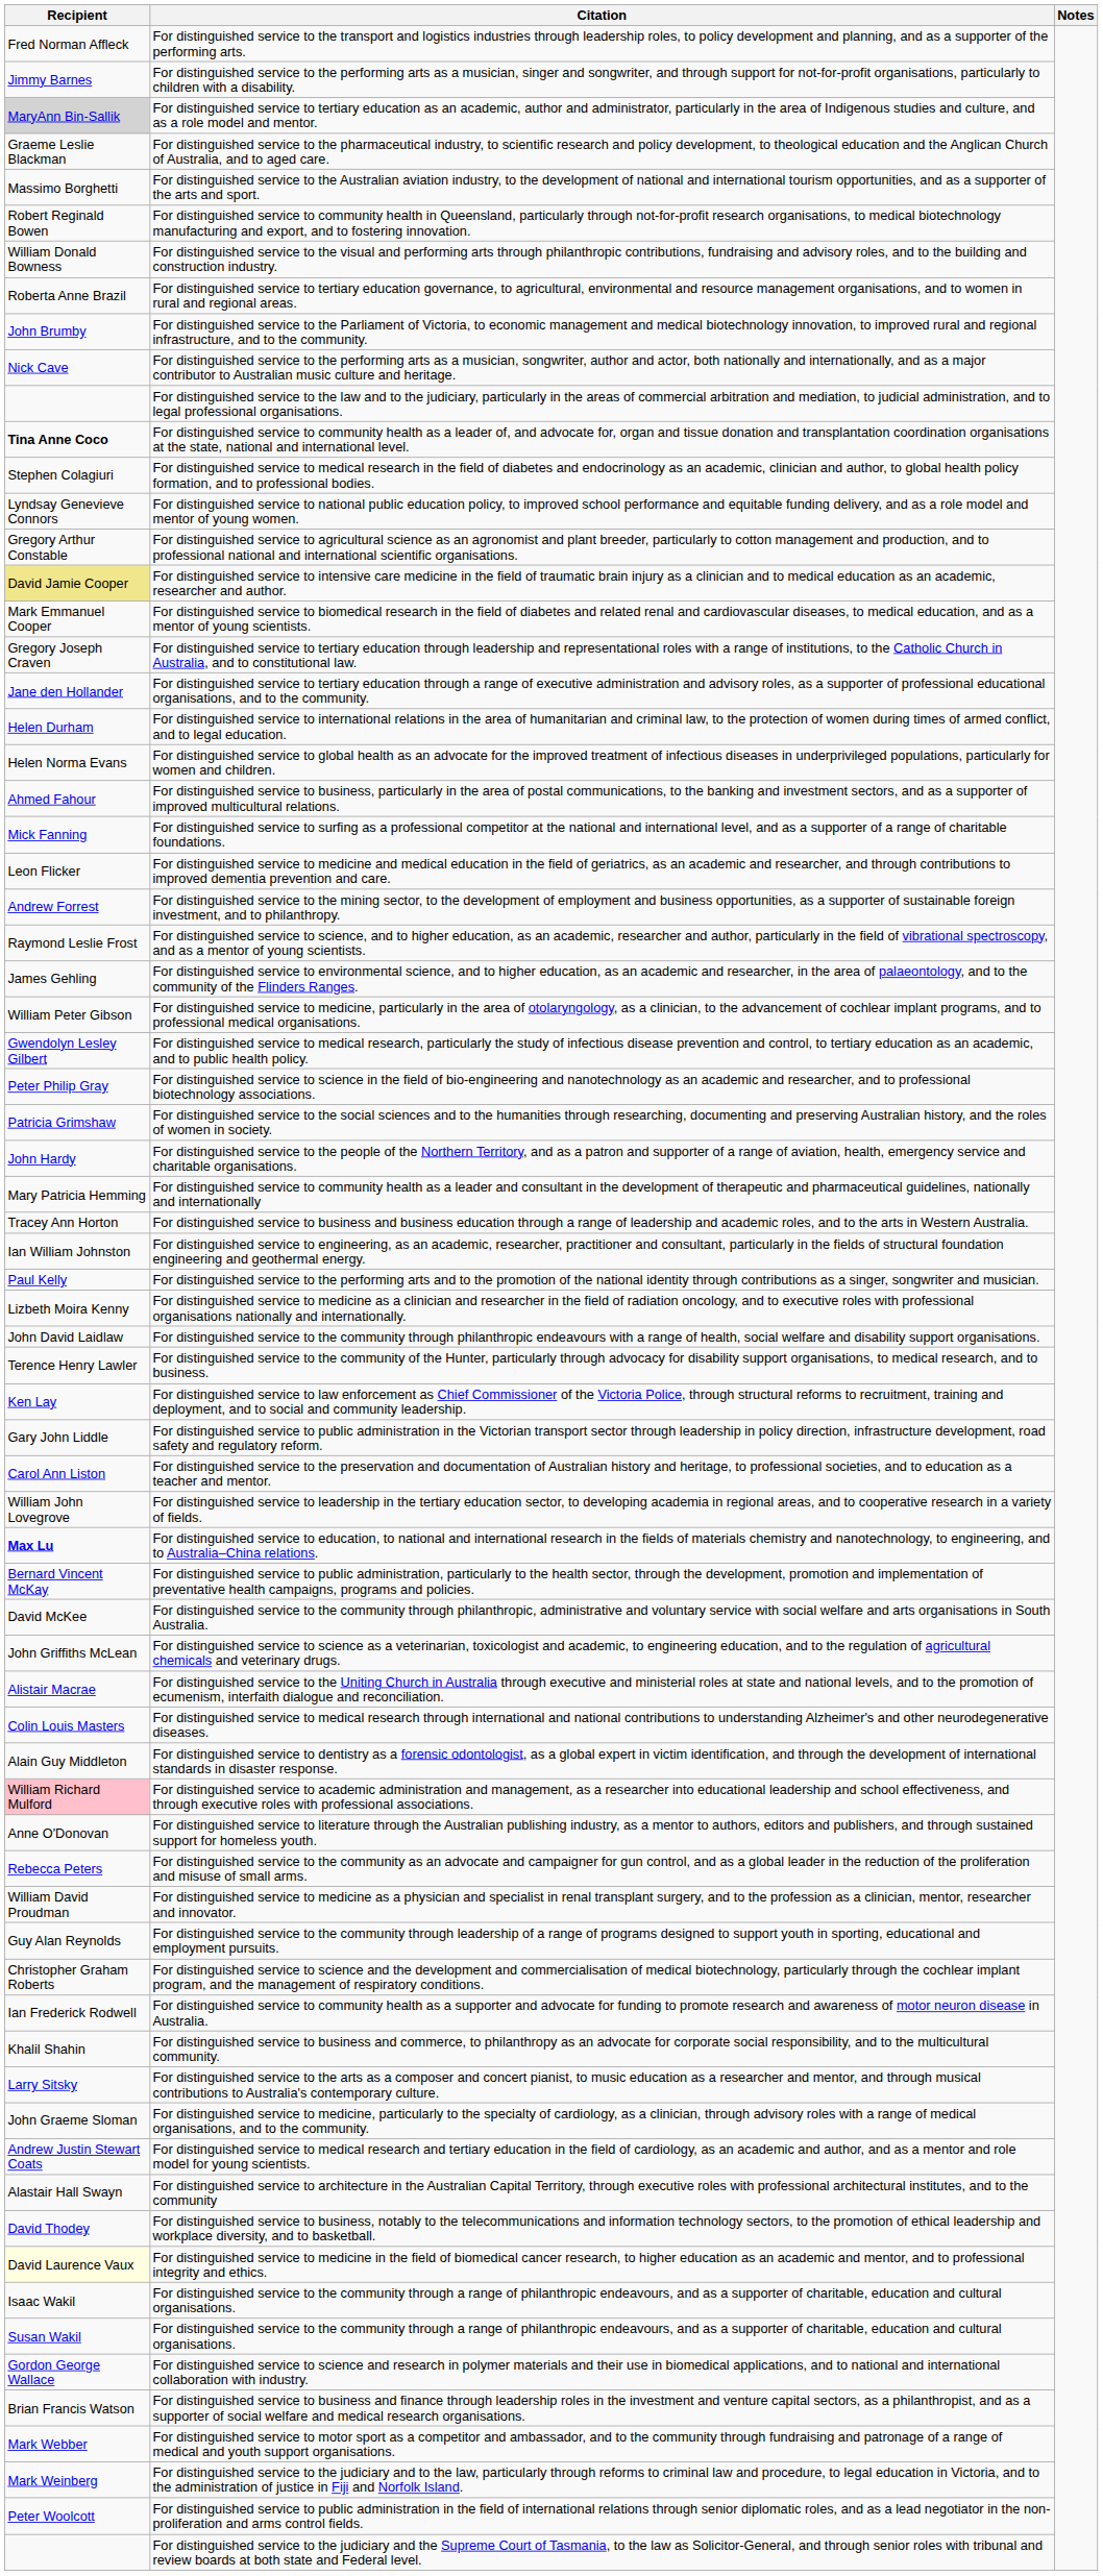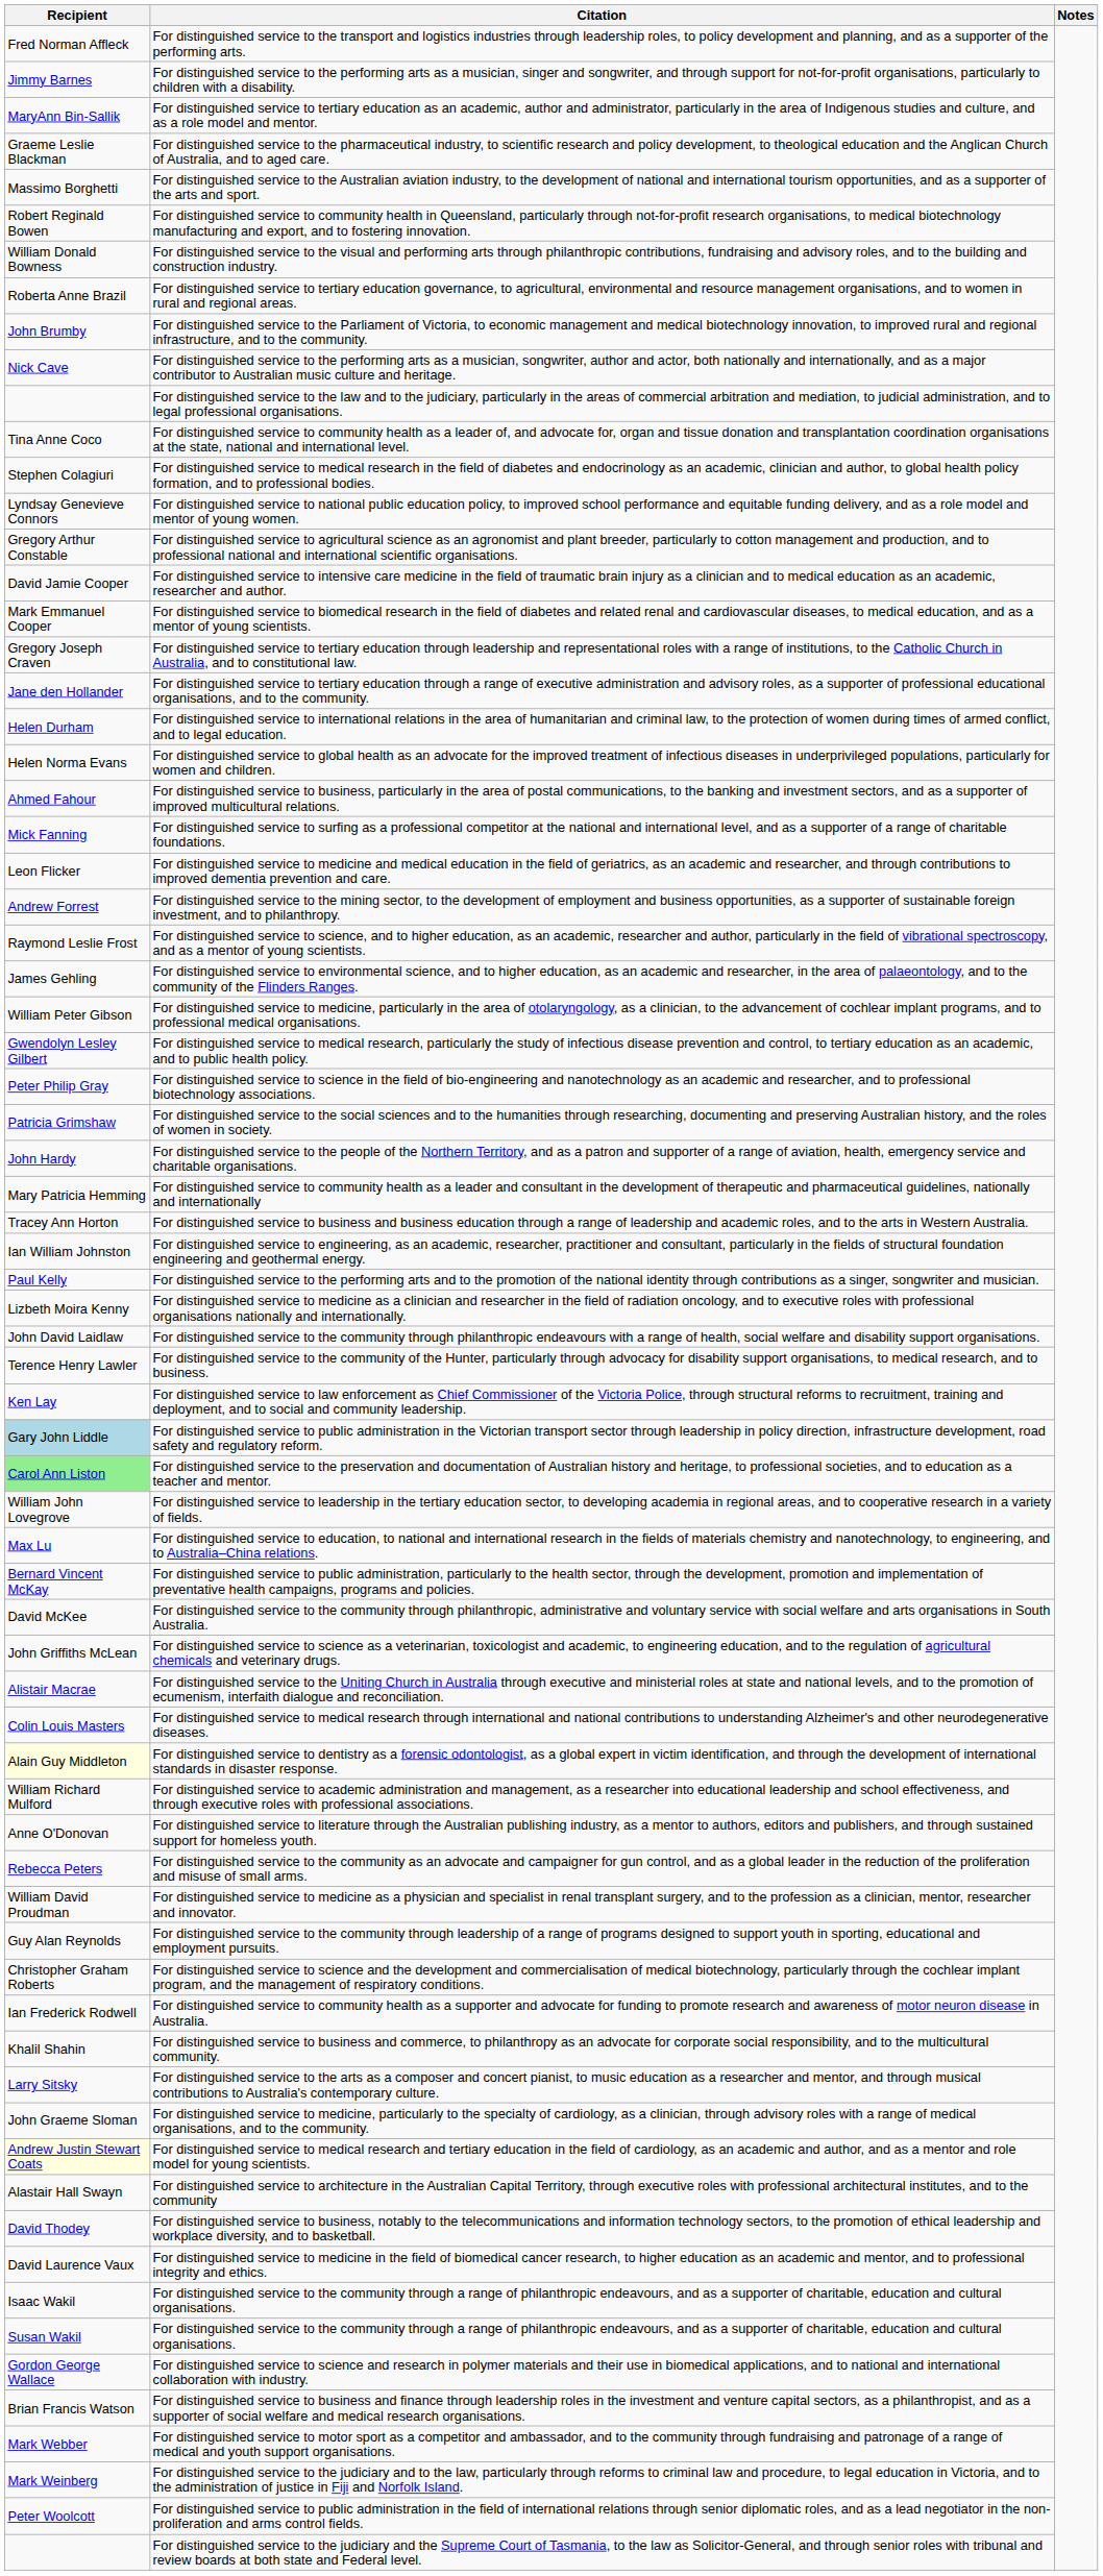 <table class="wikitable" style="font-size:95%;">
 <tr>
 <th>Recipient</th>
 <th>Citation</th>
 <th>Notes</th>
 </tr>
 <tr>
 <td> Fred Norman Affleck</td>
 <td>For distinguished service to the transport and logistics industries through leadership roles, to policy development and planning, and as a supporter of the performing arts.</td>
 <td rowspan=72></td>
 </tr>
 <tr>
 <td><a href='#'>Jimmy Barnes</a></td>
 <td>For distinguished service to the performing arts as a musician, singer and songwriter, and through support for not-for-profit organisations, particularly to children with a disability.</td>
 </tr>
 <tr>
-<td style="background: lightgrey;"> <a href='#'>MaryAnn Bin-Sallik</a></td>
+<td> <a href='#'>MaryAnn Bin-Sallik</a></td>
 <td>For distinguished service to tertiary education as an academic, author and administrator, particularly in the area of Indigenous studies and culture, and as a role model and mentor.</td>
 </tr>
 <tr>
 <td> Graeme Leslie Blackman </td>
 <td>For distinguished service to the pharmaceutical industry, to scientific research and policy development, to theological education and the Anglican Church of Australia, and to aged care.</td>
 </tr>
 <tr>
 <td>Massimo Borghetti</td>
 <td>For distinguished service to the Australian aviation industry, to the development of national and international tourism opportunities, and as a supporter of the arts and sport.</td>
 </tr>
 <tr>
 <td>Robert Reginald Bowen</td>
 <td>For distinguished service to community health in Queensland, particularly through not-for-profit research organisations, to medical biotechnology manufacturing and export, and to fostering innovation.</td>
 </tr>
 <tr>
 <td>William Donald Bowness</td>
 <td>For distinguished service to the visual and performing arts through philanthropic contributions, fundraising and advisory roles, and to the building and construction industry.</td>
 </tr>
 <tr>
 <td>Roberta Anne Brazil</td>
 <td>For distinguished service to tertiary education governance, to agricultural, environmental and resource management organisations, and to women in rural and regional areas.</td>
 </tr>
 <tr>
 <td> <a href='#'>John Brumby</a></td>
 <td>For distinguished service to the Parliament of Victoria, to economic management and medical biotechnology innovation, to improved rural and regional infrastructure, and to the community.</td>
 </tr>
 <tr>
 <td><a href='#'>Nick Cave</a></td>
 <td>For distinguished service to the performing arts as a musician, songwriter, author and actor, both nationally and internationally, and as a major contributor to Australian music culture and heritage.</td>
 </tr>
 <tr>
 <td></td>
 <td>For distinguished service to the law and to the judiciary, particularly in the areas of commercial arbitration and mediation, to judicial administration, and to legal professional organisations.</td>
 </tr>
 <tr>
-<td><strong>Tina Anne Coco</strong></td>
+<td>Tina Anne Coco</td>
 <td>For distinguished service to community health as a leader of, and advocate for, organ and tissue donation and transplantation coordination organisations at the state, national and international level.</td>
 </tr>
 <tr>
 <td> Stephen Colagiuri</td>
 <td>For distinguished service to medical research in the field of diabetes and endocrinology as an academic, clinician and author, to global health policy formation, and to professional bodies.</td>
 </tr>
 <tr>
 <td>Lyndsay Genevieve Connors </td>
 <td>For distinguished service to national public education policy, to improved school performance and equitable funding delivery, and as a role model and mentor of young women.</td>
 </tr>
 <tr>
 <td> Gregory Arthur Constable</td>
 <td>For distinguished service to agricultural science as an agronomist and plant breeder, particularly to cotton management and production, and to professional national and international scientific organisations.</td>
 </tr>
 <tr>
-<td style="background: khaki;"> David Jamie Cooper</td>
+<td> David Jamie Cooper</td>
 <td>For distinguished service to intensive care medicine in the field of traumatic brain injury as a clinician and to medical education as an academic, researcher and author.</td>
 </tr>
 <tr>
 <td> Mark Emmanuel Cooper</td>
 <td>For distinguished service to biomedical research in the field of diabetes and related renal and cardiovascular diseases, to medical education, and as a mentor of young scientists.</td>
 </tr>
 <tr>
 <td> Gregory Joseph Craven</td>
 <td>For distinguished service to tertiary education through leadership and representational roles with a range of institutions, to the <a href='#'>Catholic Church in Australia</a>, and to constitutional law.</td>
 </tr>
 <tr>
 <td> <a href='#'>Jane den Hollander</a></td>
 <td>For distinguished service to tertiary education through a range of executive administration and advisory roles, as a supporter of professional educational organisations, and to the community.</td>
 </tr>
 <tr>
 <td> <a href='#'>Helen Durham</a></td>
 <td>For distinguished service to international relations in the area of humanitarian and criminal law, to the protection of women during times of armed conflict, and to legal education.</td>
 </tr>
 <tr>
 <td>Helen Norma Evans</td>
 <td>For distinguished service to global health as an advocate for the improved treatment of infectious diseases in underprivileged populations, particularly for women and children.</td>
 </tr>
 <tr>
 <td><a href='#'>Ahmed Fahour</a></td>
 <td>For distinguished service to business, particularly in the area of postal communications, to the banking and investment sectors, and as a supporter of improved multicultural relations.</td>
 </tr>
 <tr>
 <td><a href='#'>Mick Fanning</a></td>
 <td>For distinguished service to surfing as a professional competitor at the national and international level, and as a supporter of a range of charitable foundations.</td>
 </tr>
 <tr>
 <td> Leon Flicker</td>
 <td>For distinguished service to medicine and medical education in the field of geriatrics, as an academic and researcher, and through contributions to improved dementia prevention and care.</td>
 </tr>
 <tr>
 <td><a href='#'>Andrew Forrest</a></td>
 <td>For distinguished service to the mining sector, to the development of employment and business opportunities, as a supporter of sustainable foreign investment, and to philanthropy.</td>
 </tr>
 <tr>
 <td> Raymond Leslie Frost</td>
 <td>For distinguished service to science, and to higher education, as an academic, researcher and author, particularly in the field of <a href='#'>vibrational spectroscopy</a>, and as a mentor of young scientists.</td>
 </tr>
 <tr>
 <td> James Gehling</td>
 <td>For distinguished service to environmental science, and to higher education, as an academic and researcher, in the area of <a href='#'>palaeontology</a>, and to the community of the <a href='#'>Flinders Ranges</a>.</td>
 </tr>
 <tr>
 <td> William Peter Gibson </td>
 <td>For distinguished service to medicine, particularly in the area of <a href='#'>otolaryngology</a>, as a clinician, to the advancement of cochlear implant programs, and to professional medical organisations.</td>
 </tr>
 <tr>
 <td> <a href='#'>Gwendolyn Lesley Gilbert</a></td>
 <td>For distinguished service to medical research, particularly the study of infectious disease prevention and control, to tertiary education as an academic, and to public health policy.</td>
 </tr>
 <tr>
 <td> <a href='#'>Peter Philip Gray</a></td>
 <td>For distinguished service to science in the field of bio-engineering and nanotechnology as an academic and researcher, and to professional biotechnology associations.</td>
 </tr>
 <tr>
 <td> <a href='#'>Patricia Grimshaw</a></td>
 <td>For distinguished service to the social sciences and to the humanities through researching, documenting and preserving Australian history, and the roles of women in society.</td>
 </tr>
 <tr>
 <td> <a href='#'>John Hardy</a> </td>
 <td>For distinguished service to the people of the <a href='#'>Northern Territory</a>, and as a patron and supporter of a range of aviation, health, emergency service and charitable organisations.</td>
 </tr>
 <tr>
 <td>Mary Patricia Hemming</td>
 <td>For distinguished service to community health as a leader and consultant in the development of therapeutic and pharmaceutical guidelines, nationally and internationally</td>
 </tr>
 <tr>
 <td> Tracey Ann Horton</td>
 <td>For distinguished service to business and business education through a range of leadership and academic roles, and to the arts in Western Australia.</td>
 </tr>
 <tr>
 <td> Ian William Johnston</td>
 <td>For distinguished service to engineering, as an academic, researcher, practitioner and consultant, particularly in the fields of structural foundation engineering and geothermal energy.</td>
 </tr>
 <tr>
 <td><a href='#'>Paul Kelly</a></td>
 <td>For distinguished service to the performing arts and to the promotion of the national identity through contributions as a singer, songwriter and musician.</td>
 </tr>
 <tr>
 <td> Lizbeth Moira Kenny</td>
 <td>For distinguished service to medicine as a clinician and researcher in the field of radiation oncology, and to executive roles with professional organisations nationally and internationally.</td>
 </tr>
 <tr>
 <td>John David Laidlaw </td>
 <td>For distinguished service to the community through philanthropic endeavours with a range of health, social welfare and disability support organisations.</td>
 </tr>
 <tr>
 <td>Terence Henry Lawler</td>
 <td>For distinguished service to the community of the Hunter, particularly through advocacy for disability support organisations, to medical research, and to business.</td>
 </tr>
 <tr>
 <td><a href='#'>Ken Lay</a> </td>
 <td>For distinguished service to law enforcement as <a href='#'>Chief Commissioner</a> of the <a href='#'>Victoria Police</a>, through structural reforms to recruitment, training and deployment, and to social and community leadership.</td>
 </tr>
 <tr>
-<td>Gary John Liddle</td>
+<td style="background: lightblue;">Gary John Liddle</td>
 <td>For distinguished service to public administration in the Victorian transport sector through leadership in policy direction, infrastructure development, road safety and regulatory reform.</td>
 </tr>
 <tr>
-<td> <a href='#'>Carol Ann Liston</a></td>
+<td style="background: lightgreen;"> <a href='#'>Carol Ann Liston</a></td>
 <td>For distinguished service to the preservation and documentation of Australian history and heritage, to professional societies, and to education as a teacher and mentor.</td>
 </tr>
 <tr>
 <td> William John Lovegrove</td>
 <td>For distinguished service to leadership in the tertiary education sector, to developing academia in regional areas, and to cooperative research in a variety of fields.</td>
 </tr>
 <tr>
-<td><strong><a href='#'>Max Lu</a></strong></td>
+<td><a href='#'>Max Lu</a></td>
 <td>For distinguished service to education, to national and international research in the fields of materials chemistry and nanotechnology, to engineering, and to <a href='#'>Australia–China relations</a>.</td>
 </tr>
 <tr>
 <td><a href='#'>Bernard Vincent McKay</a></td>
 <td>For distinguished service to public administration, particularly to the health sector, through the development, promotion and implementation of preventative health campaigns, programs and policies.</td>
 </tr>
 <tr>
 <td>David McKee</td>
 <td>For distinguished service to the community through philanthropic, administrative and voluntary service with social welfare and arts organisations in South Australia.</td>
 </tr>
 <tr>
 <td> John Griffiths McLean</td>
 <td>For distinguished service to science as a veterinarian, toxicologist and academic, to engineering education, and to the regulation of <a href='#'>agricultural chemicals</a> and veterinary drugs.</td>
 </tr>
 <tr>
 <td> <a href='#'>Alistair Macrae</a></td>
 <td>For distinguished service to the <a href='#'>Uniting Church in Australia</a> through executive and ministerial roles at state and national levels, and to the promotion of ecumenism, interfaith dialogue and reconciliation.</td>
 </tr>
 <tr>
 <td> <a href='#'>Colin Louis Masters</a></td>
 <td>For distinguished service to medical research through international and national contributions to understanding Alzheimer's and other neurodegenerative diseases.</td>
 </tr>
 <tr>
-<td> Alain Guy Middleton</td>
+<td style="background: lightyellow;"> Alain Guy Middleton</td>
 <td>For distinguished service to dentistry as a <a href='#'>forensic odontologist</a>, as a global expert in victim identification, and through the development of international standards in disaster response.</td>
 </tr>
 <tr>
-<td style="background: pink;"> William Richard Mulford</td>
+<td> William Richard Mulford</td>
 <td>For distinguished service to academic administration and management, as a researcher into educational leadership and school effectiveness, and through executive roles with professional associations.</td>
 </tr>
 <tr>
 <td>Anne O'Donovan</td>
 <td>For distinguished service to literature through the Australian publishing industry, as a mentor to authors, editors and publishers, and through sustained support for homeless youth.</td>
 </tr>
 <tr>
 <td><a href='#'>Rebecca Peters</a></td>
 <td>For distinguished service to the community as an advocate and campaigner for gun control, and as a global leader in the reduction of the proliferation and misuse of small arms.</td>
 </tr>
 <tr>
 <td> William David Proudman</td>
 <td>For distinguished service to medicine as a physician and specialist in renal transplant surgery, and to the profession as a clinician, mentor, researcher and innovator.</td>
 </tr>
 <tr>
 <td>Guy Alan Reynolds </td>
 <td>For distinguished service to the community through leadership of a range of programs designed to support youth in sporting, educational and employment pursuits.</td>
 </tr>
 <tr>
 <td> Christopher Graham Roberts</td>
 <td>For distinguished service to science and the development and commercialisation of medical biotechnology, particularly through the cochlear implant program, and the management of respiratory conditions.</td>
 </tr>
 <tr>
 <td>Ian Frederick Rodwell</td>
 <td>For distinguished service to community health as a supporter and advocate for funding to promote research and awareness of <a href='#'>motor neuron disease</a> in Australia.</td>
 </tr>
 <tr>
 <td>Khalil Shahin</td>
 <td>For distinguished service to business and commerce, to philanthropy as an advocate for corporate social responsibility, and to the multicultural community.</td>
 </tr>
 <tr>
 <td> <a href='#'>Larry Sitsky</a> </td>
 <td>For distinguished service to the arts as a composer and concert pianist, to music education as a researcher and mentor, and through musical contributions to Australia's contemporary culture.</td>
 </tr>
 <tr>
 <td> John Graeme Sloman </td>
 <td>For distinguished service to medicine, particularly to the specialty of cardiology, as a clinician, through advisory roles with a range of medical organisations, and to the community.</td>
 </tr>
 <tr>
-<td> <a href='#'>Andrew Justin Stewart Coats</a></td>
+<td style="background: lightyellow;"> <a href='#'>Andrew Justin Stewart Coats</a></td>
 <td>For distinguished service to medical research and tertiary education in the field of cardiology, as an academic and author, and as a mentor and role model for young scientists.</td>
 </tr>
 <tr>
 <td>Alastair Hall Swayn</td>
 <td>For distinguished service to architecture in the Australian Capital Territory, through executive roles with professional architectural institutes, and to the community</td>
 </tr>
 <tr>
 <td><a href='#'>David Thodey</a></td>
 <td>For distinguished service to business, notably to the telecommunications and information technology sectors, to the promotion of ethical leadership and workplace diversity, and to basketball.</td>
 </tr>
 <tr>
-<td style="background: lightyellow;"> David Laurence Vaux</td>
+<td> David Laurence Vaux</td>
 <td>For distinguished service to medicine in the field of biomedical cancer research, to higher education as an academic and mentor, and to professional integrity and ethics.</td>
 </tr>
 <tr>
 <td>Isaac Wakil</td>
 <td>For distinguished service to the community through a range of philanthropic endeavours, and as a supporter of charitable, education and cultural organisations.</td>
 </tr>
 <tr>
 <td><a href='#'>Susan Wakil</a></td>
 <td>For distinguished service to the community through a range of philanthropic endeavours, and as a supporter of charitable, education and cultural organisations.</td>
 </tr>
 <tr>
 <td> <a href='#'>Gordon George Wallace</a></td>
 <td>For distinguished service to science and research in polymer materials and their use in biomedical applications, and to national and international collaboration with industry.</td>
 </tr>
 <tr>
 <td>Brian Francis Watson</td>
 <td>For distinguished service to business and finance through leadership roles in the investment and venture capital sectors, as a philanthropist, and as a supporter of social welfare and medical research organisations.</td>
 </tr>
 <tr>
 <td><a href='#'>Mark Webber</a></td>
 <td>For distinguished service to motor sport as a competitor and ambassador, and to the community through fundraising and patronage of a range of medical and youth support organisations.</td>
 </tr>
 <tr>
 <td> <a href='#'>Mark Weinberg</a></td>
 <td>For distinguished service to the judiciary and to the law, particularly through reforms to criminal law and procedure, to legal education in Victoria, and to the administration of justice in <a href='#'>Fiji</a> and <a href='#'>Norfolk Island</a>.</td>
 </tr>
 <tr>
 <td> <a href='#'>Peter Woolcott</a></td>
 <td>For distinguished service to public administration in the field of international relations through senior diplomatic roles, and as a lead negotiator in the non-proliferation and arms control fields.</td>
 </tr>
 <tr>
 <td></td>
 <td>For distinguished service to the judiciary and the <a href='#'>Supreme Court of Tasmania</a>, to the law as Solicitor-General, and through senior roles with tribunal and review boards at both state and Federal level.</td>
 </tr>
 </table>
